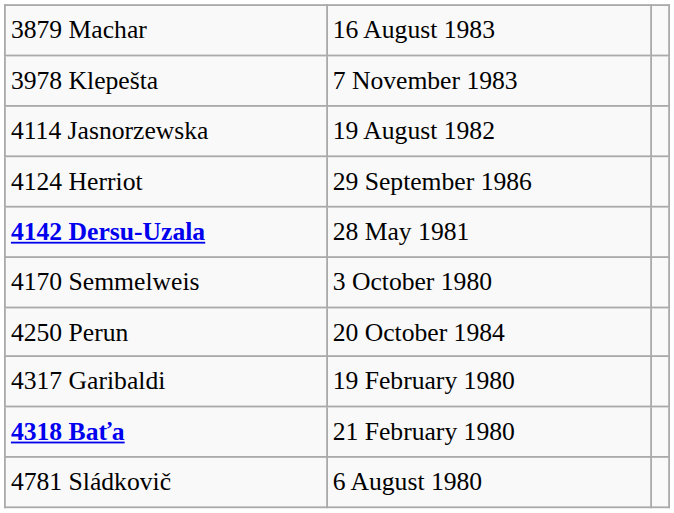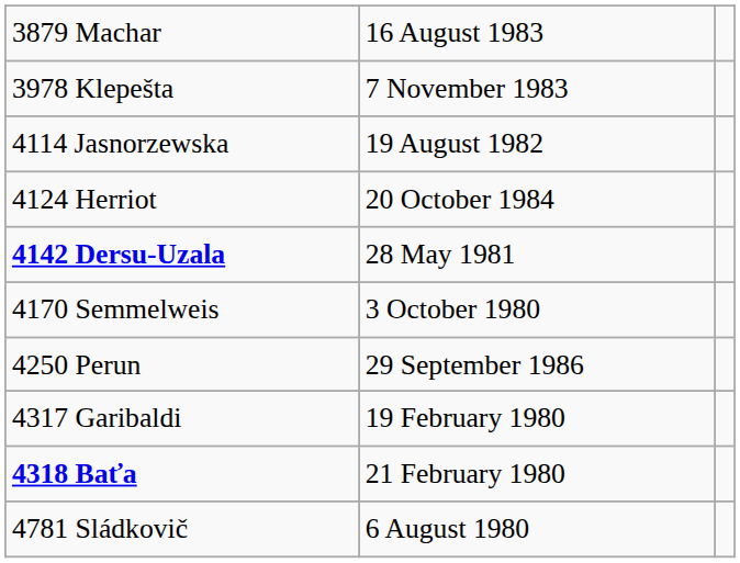 <table class="wikitable" style="font-size: 89%; float: left; width: 26em; margin-right: 1em; height: 280px;">
 <tr>
 <td>3879 Machar</td>
 <td>16 August 1983</td>
 <td></td>
 </tr>
 <tr>
 <td>3978 Klepešta</td>
 <td>7 November 1983</td>
 <td></td>
 </tr>
 <tr>
 <td>4114 Jasnorzewska</td>
 <td>19 August 1982</td>
 <td></td>
 </tr>
 <tr>
 <td>4124 Herriot</td>
-<td>29 September 1986</td>
+<td>20 October 1984</td>
 <td></td>
 </tr>
 <tr>
 <td><strong><a href='#'>4142 Dersu-Uzala</a></strong></td>
 <td>28 May 1981</td>
 <td></td>
 </tr>
 <tr>
 <td>4170 Semmelweis</td>
 <td>3 October 1980</td>
 <td></td>
 </tr>
 <tr>
 <td>4250 Perun</td>
-<td>20 October 1984</td>
+<td>29 September 1986</td>
 <td></td>
 </tr>
 <tr>
 <td>4317 Garibaldi</td>
 <td>19 February 1980</td>
 <td></td>
 </tr>
 <tr>
 <td><strong><a href='#'>4318 Baťa</a></strong></td>
 <td>21 February 1980</td>
 <td></td>
 </tr>
 <tr>
 <td>4781 Sládkovič</td>
 <td>6 August 1980</td>
 <td></td>
 </tr>
 </table>
